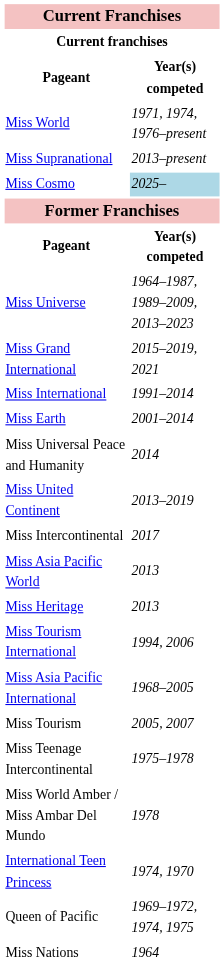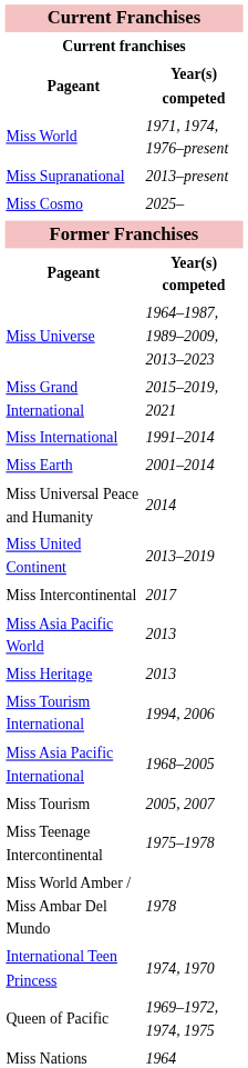 <table class="toccolours" style="width: 20em; float:right; font-size:80%; line-height:1.5em; width:23%;">
 <tr>
 <th colspan="2" align="center" style="background:#F4C2C2;"><big>Current Franchises</big></th>
 </tr>
 <tr>
 <th colspan="3" style="text-align:center;">Current franchises</th>
 </tr>
 <tr>
 <th>Pageant</th>
 <th>Year(s) competed</th>
 </tr>
 <tr>
 <td><a href='#'>Miss World</a></td>
 <td><em>1971, 1974, 1976–present</em></td>
 </tr>
 <tr>
 <td><a href='#'>Miss Supranational</a></td>
 <td><em>2013–present</em></td>
 </tr>
 <tr>
 <td><a href='#'>Miss Cosmo</a></td>
-<td style="background: lightblue;"><em>2025–</em></td>
+<td><em>2025–</em></td>
 </tr>
 <tr>
 <th colspan="2" align="center" style="background:#F4C2C2;"><big>Former Franchises</big></th>
 </tr>
 <tr>
 <th scope="col">Pageant</th>
 <th>Year(s) competed</th>
 </tr>
 <tr>
 <td><a href='#'>Miss Universe</a></td>
 <td><em>1964–1987, 1989–2009, 2013–2023</em></td>
 </tr>
 <tr>
 <td><a href='#'>Miss Grand International</a></td>
 <td><em>2015–2019, 2021</em></td>
 </tr>
 <tr>
 <td><a href='#'>Miss International</a></td>
 <td><em>1991–2014</em></td>
 </tr>
 <tr>
 <td><a href='#'>Miss Earth</a></td>
 <td><em>2001–2014</em></td>
 </tr>
 <tr>
 <td>Miss Universal Peace and Humanity</td>
 <td><em>2014</em></td>
 </tr>
 <tr>
 <td><a href='#'>Miss United Continent</a></td>
 <td><em>2013–2019</em></td>
 </tr>
 <tr>
 <td>Miss Intercontinental</td>
 <td><em>2017</em></td>
 </tr>
 <tr>
 <td><a href='#'>Miss Asia Pacific World</a></td>
 <td><em>2013</em></td>
 </tr>
 <tr>
 <td><a href='#'>Miss Heritage</a></td>
 <td><em>2013</em></td>
 </tr>
 <tr>
 <td><a href='#'>Miss Tourism International</a></td>
 <td><em>1994, 2006</em></td>
 </tr>
 <tr>
 <td><a href='#'>Miss Asia Pacific International</a></td>
 <td><em>1968–2005</em></td>
 </tr>
 <tr>
 <td>Miss Tourism</td>
 <td><em>2005, 2007</em></td>
 </tr>
 <tr>
 <td>Miss Teenage Intercontinental</td>
 <td><em>1975–1978</em></td>
 </tr>
 <tr>
 <td>Miss World Amber / Miss Ambar Del Mundo</td>
 <td><em>1978</em></td>
 </tr>
 <tr>
 <td><a href='#'>International Teen Princess</a></td>
 <td><em>1974, 1970</em></td>
 </tr>
 <tr>
 <td>Queen of Pacific</td>
 <td><em>1969–1972, 1974, 1975</em></td>
 </tr>
 <tr>
 <td>Miss Nations</td>
 <td><em>1964</em></td>
 </tr>
 </table>
